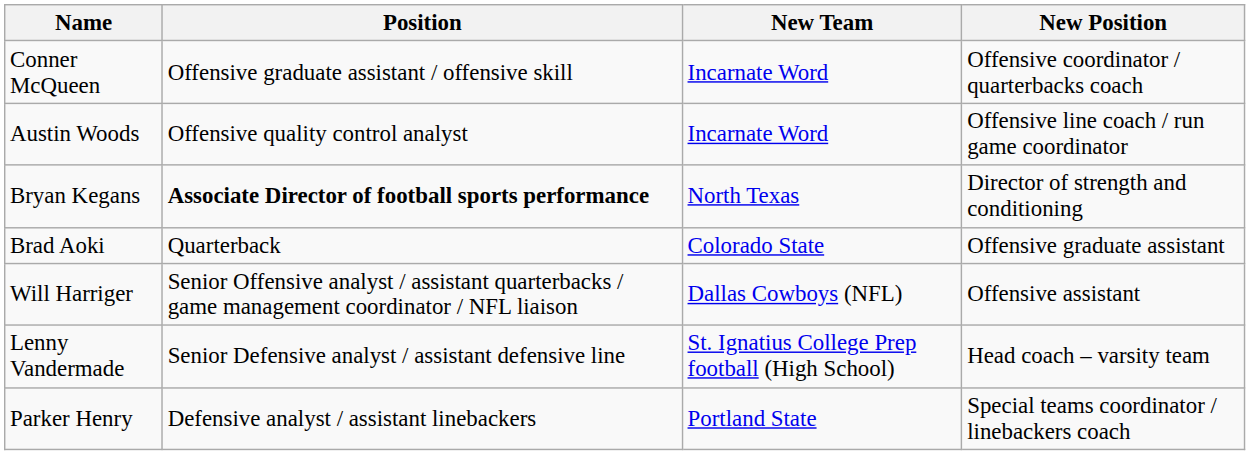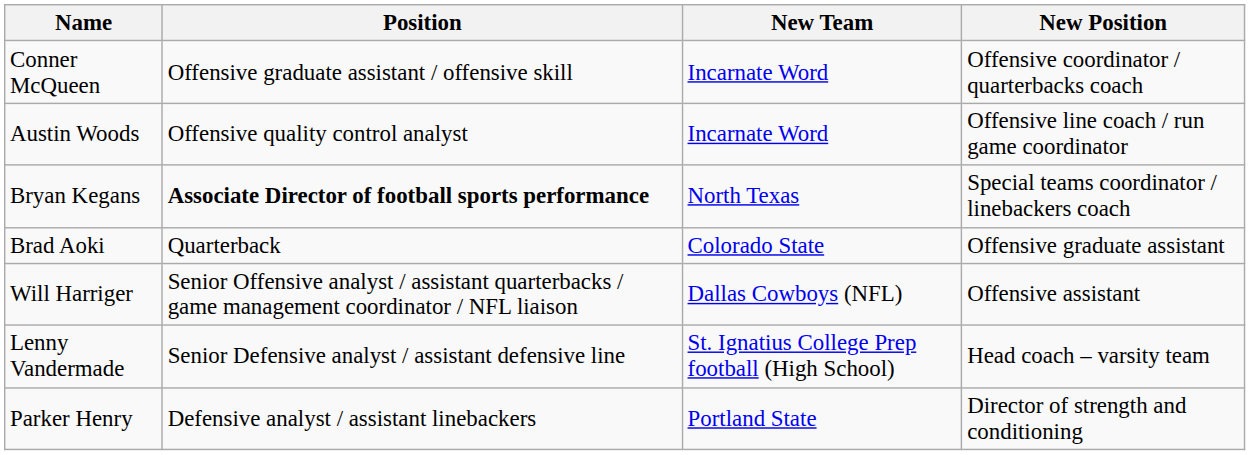 <table class="wikitable">
 <tr>
 <th style="text-align:center; ">Name</th>
 <th style="text-align:center; ">Position</th>
 <th style="text-align:center; ">New Team</th>
 <th style="text-align:center; ">New Position</th>
 </tr>
 <tr>
 <td>Conner McQueen</td>
 <td>Offensive graduate assistant / offensive skill</td>
 <td><a href='#'>Incarnate Word</a></td>
 <td>Offensive coordinator / quarterbacks coach</td>
 </tr>
 <tr>
 <td>Austin Woods</td>
 <td>Offensive quality control analyst</td>
 <td><a href='#'>Incarnate Word</a></td>
 <td>Offensive line coach / run game coordinator</td>
 </tr>
 <tr>
 <td>Bryan Kegans</td>
 <td><strong>Associate Director of football sports performance</strong></td>
 <td><a href='#'>North Texas</a></td>
-<td>Director of strength and conditioning</td>
+<td>Special teams coordinator / linebackers coach</td>
 </tr>
 <tr>
 <td>Brad Aoki</td>
 <td>Quarterback</td>
 <td><a href='#'>Colorado State</a></td>
 <td>Offensive graduate assistant</td>
 </tr>
 <tr>
 <td>Will Harriger</td>
 <td>Senior Offensive analyst / assistant quarterbacks / game management coordinator / NFL liaison</td>
 <td><a href='#'>Dallas Cowboys</a> (NFL)</td>
 <td>Offensive assistant</td>
 </tr>
 <tr>
 <td>Lenny Vandermade</td>
 <td>Senior Defensive analyst / assistant defensive line</td>
 <td><a href='#'>St. Ignatius College Prep football</a> (High School)</td>
 <td>Head coach – varsity team</td>
 </tr>
 <tr>
 <td>Parker Henry</td>
 <td>Defensive analyst / assistant linebackers</td>
 <td><a href='#'>Portland State</a></td>
-<td>Special teams coordinator / linebackers coach</td>
+<td>Director of strength and conditioning</td>
 </tr>
 </table>
